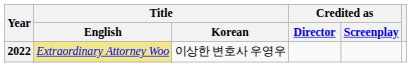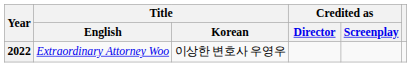 <table class="wikitable plainrowheaders">
 <tr>
 <th rowspan="2" style="width:33px;">Year</th>
 <th colspan="2">Title</th>
 <th colspan="2">Credited as</th>
 <th rowspan="2" class="unsortable"></th>
 </tr>
 <tr>
 <th>English</th>
 <th>Korean</th>
 <th width="65" class="unsortable"><a href='#'>Director</a></th>
 <th width="65" class="unsortable"><a href='#'>Screenplay</a></th>
 </tr>
 <tr>
 <th scope="row">2022</th>
-<td style="background: khaki;"><em><a href='#'>Extraordinary Attorney Woo</a></em></td>
+<td><em><a href='#'>Extraordinary Attorney Woo</a></em></td>
 <td>이상한 변호사 우영우</td>
 <td></td>
 <td></td>
 <td></td>
 </tr>
 </table>
